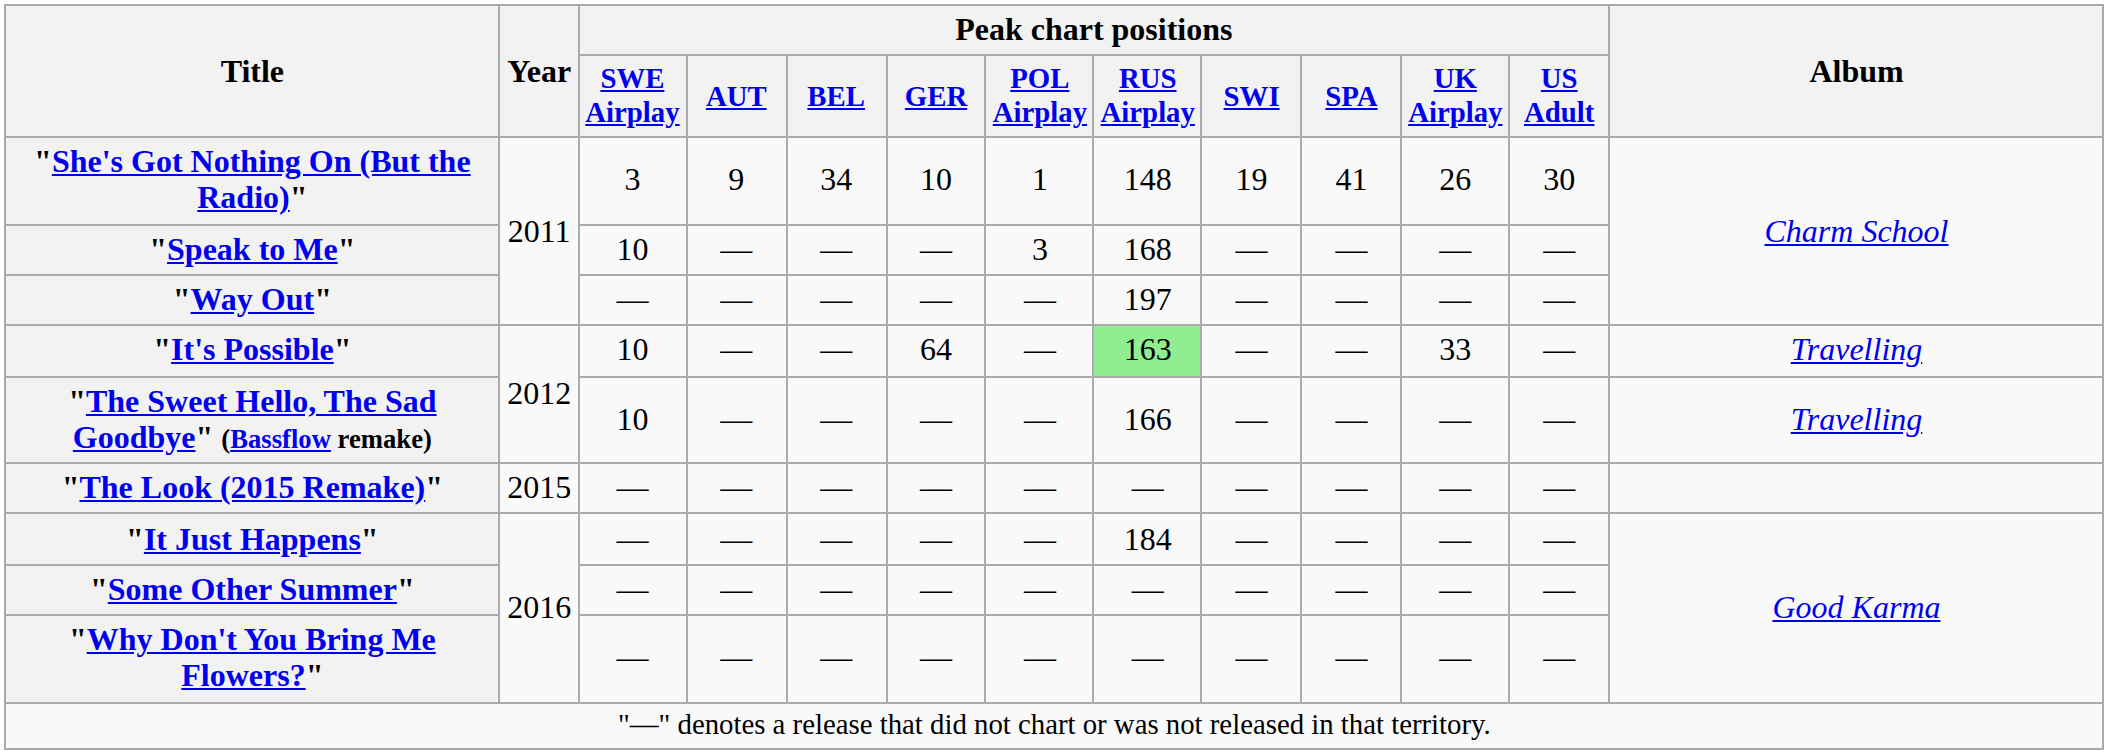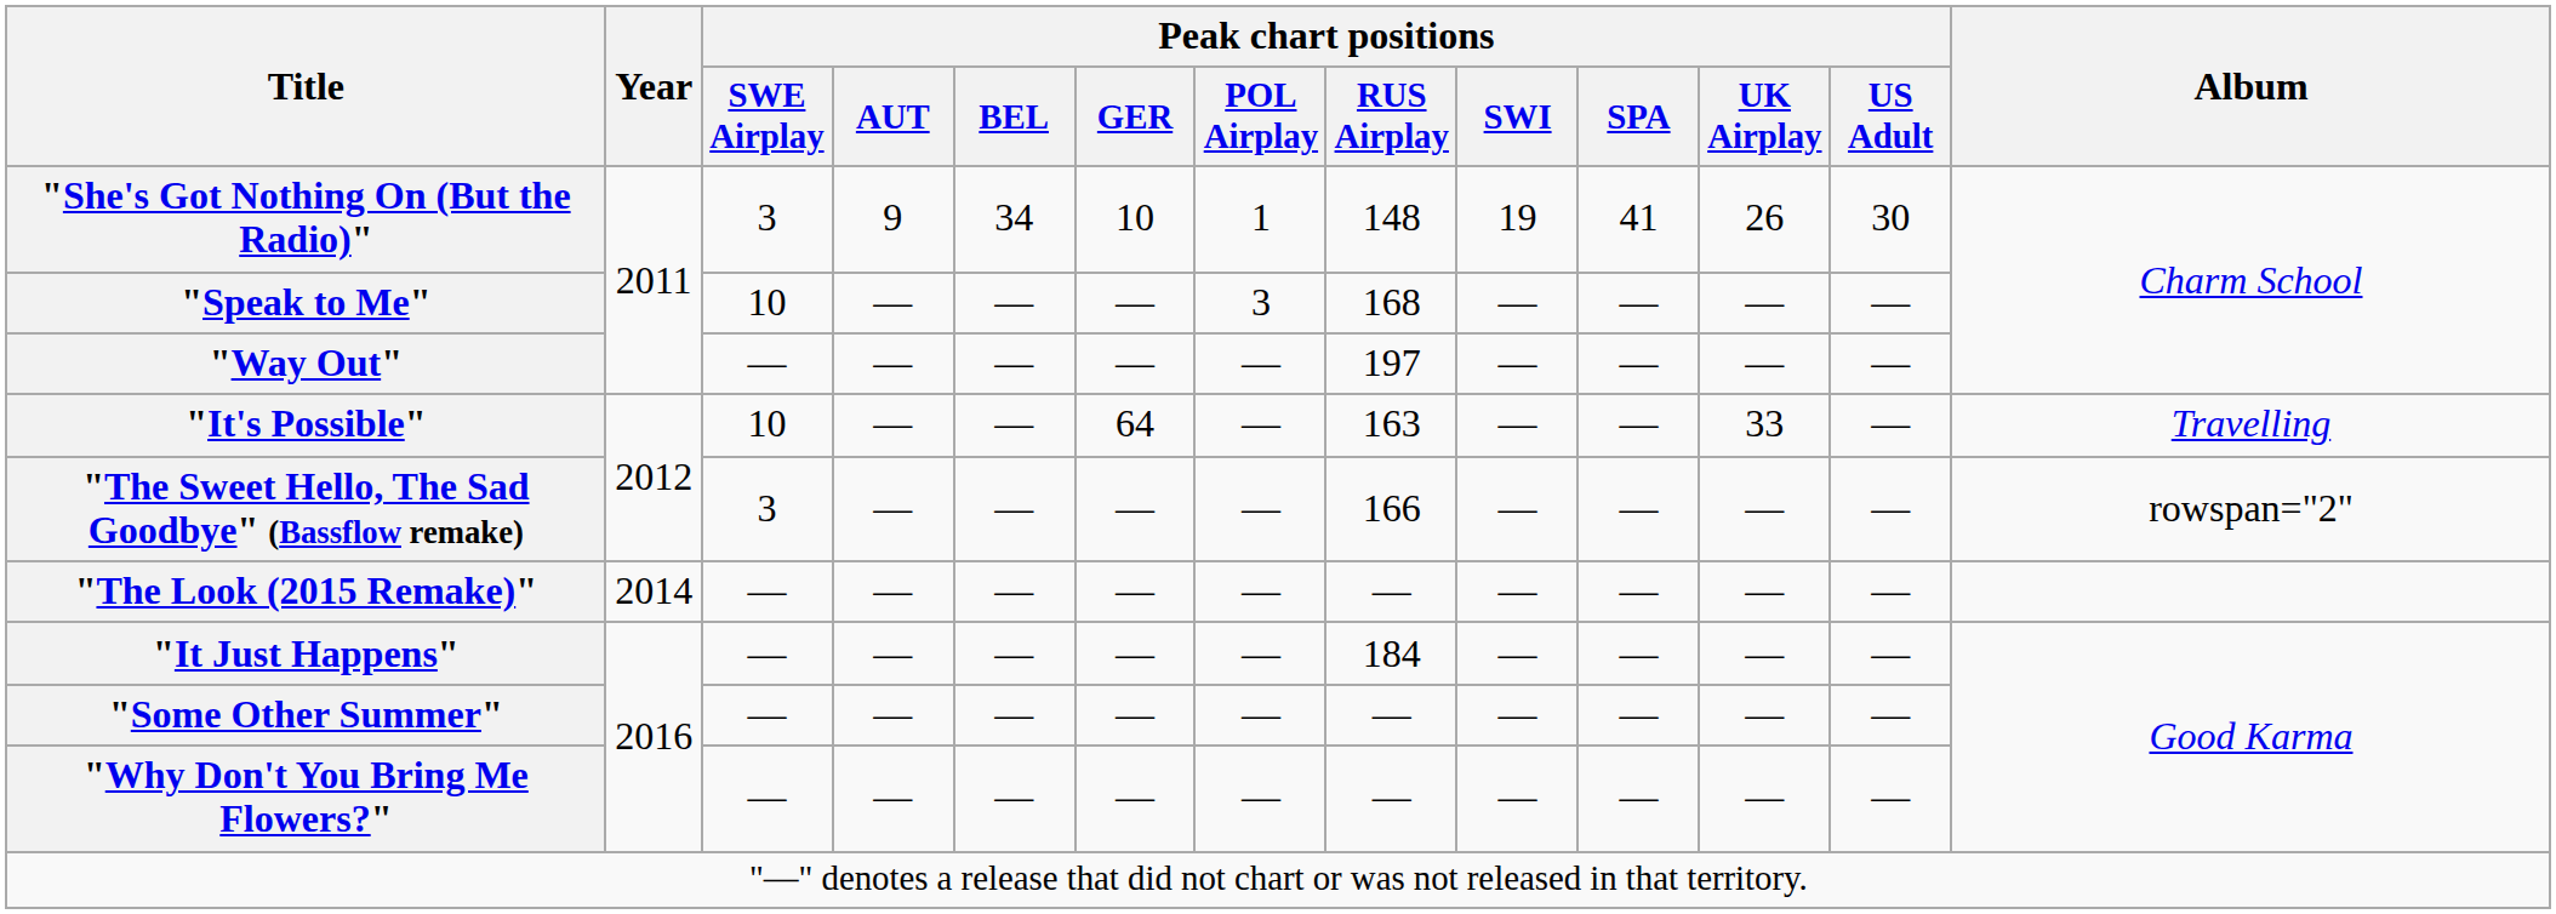 <table class="wikitable plainrowheaders" style="text-align:center;">
 <tr>
 <th scope="col" rowspan="2" style="width:15em;">Title</th>
 <th scope="col" rowspan="2" style="width:1em;">Year</th>
 <th scope="col" colspan="10">Peak chart positions</th>
 <th scope="col" rowspan="2" style="width:15em;">Album</th>
 </tr>
 <tr>
 <th scope="col" style="width:3em;font-size:90%;"><a href='#'>SWE Airplay</a><br></th>
 <th scope="col" style="width:3em;font-size:90%;"><a href='#'>AUT</a><br></th>
 <th scope="col" style="width:3em;font-size:90%;"><a href='#'>BEL</a><br></th>
 <th scope="col" style="width:3em;font-size:90%;"><a href='#'>GER</a><br></th>
 <th scope="col" style="width:3em;font-size:90%;"><a href='#'>POL Airplay</a><br></th>
 <th scope="col" style="width:3em;font-size:90%;"><a href='#'>RUS Airplay</a><br></th>
 <th scope="col" style="width:3em;font-size:90%;"><a href='#'>SWI</a><br></th>
 <th scope="col" style="width:3em;font-size:90%;"><a href='#'>SPA</a><br></th>
 <th scope="col" style="width:3em;font-size:90%;"><a href='#'>UK Airplay</a><br></th>
 <th scope="col" style="width:3em;font-size:90%;"><a href='#'>US Adult</a><br></th>
 </tr>
 <tr>
 <th scope="row">"<a href='#'>She's Got Nothing On (But the Radio)</a>"</th>
 <td rowspan="3">2011</td>
 <td>3</td>
 <td>9</td>
 <td>34</td>
 <td>10</td>
 <td>1</td>
 <td>148</td>
 <td>19</td>
 <td>41</td>
 <td>26</td>
 <td>30</td>
 <td rowspan="3"><em><a href='#'>Charm School</a></em></td>
 </tr>
 <tr>
 <th scope="row">"<a href='#'>Speak to Me</a>"</th>
 <td>10</td>
 <td>—</td>
 <td>—</td>
 <td>—</td>
 <td>3</td>
 <td>168</td>
 <td>—</td>
 <td>—</td>
 <td>—</td>
 <td>—</td>
 </tr>
 <tr>
 <th scope="row">"<a href='#'>Way Out</a>"</th>
 <td>—</td>
 <td>—</td>
 <td>—</td>
 <td>—</td>
 <td>—</td>
 <td>197</td>
 <td>—</td>
 <td>—</td>
 <td>—</td>
 <td>—</td>
 </tr>
 <tr>
 <th scope="row">"<a href='#'>It's Possible</a>"</th>
 <td rowspan="2">2012</td>
 <td>10</td>
 <td>—</td>
 <td>—</td>
 <td>64</td>
 <td>—</td>
-<td style="background: lightgreen;">163</td>
+<td>163</td>
 <td>—</td>
 <td>—</td>
 <td>33</td>
 <td>—</td>
 <td><em><a href='#'>Travelling</a></em></td>
 </tr>
 <tr>
 <th scope="row">"<a href='#'>The Sweet Hello, The Sad Goodbye</a>" <small>(<a href='#'>Bassflow</a> remake)</small></th>
-<td>10</td>
+<td>3</td>
 <td>—</td>
 <td>—</td>
 <td>—</td>
 <td>—</td>
 <td>166</td>
 <td>—</td>
 <td>—</td>
 <td>—</td>
 <td>—</td>
-<td><em><a href='#'>Travelling</a></em></td>
+<td>rowspan="2" </td>
 </tr>
 <tr>
 <th scope="row">"<a href='#'>The Look (2015 Remake)</a>"</th>
-<td>2015</td>
+<td>2014</td>
 <td>—</td>
 <td>—</td>
 <td>—</td>
 <td>—</td>
 <td>—</td>
 <td>—</td>
 <td>—</td>
 <td>—</td>
 <td>—</td>
 <td>—</td>
 </tr>
 <tr>
 <th scope="row">"<a href='#'>It Just Happens</a>"</th>
 <td rowspan="3">2016</td>
 <td>—</td>
 <td>—</td>
 <td>—</td>
 <td>—</td>
 <td>—</td>
 <td>184</td>
 <td>—</td>
 <td>—</td>
 <td>—</td>
 <td>—</td>
 <td rowspan="3"><em><a href='#'>Good Karma</a></em></td>
 </tr>
 <tr>
 <th scope="row">"<a href='#'>Some Other Summer</a>"</th>
 <td>—</td>
 <td>—</td>
 <td>—</td>
 <td>—</td>
 <td>—</td>
 <td>—</td>
 <td>—</td>
 <td>—</td>
 <td>—</td>
 <td>—</td>
 </tr>
 <tr>
 <th scope="row">"<a href='#'>Why Don't You Bring Me Flowers?</a>"</th>
 <td>—</td>
 <td>—</td>
 <td>—</td>
 <td>—</td>
 <td>—</td>
 <td>—</td>
 <td>—</td>
 <td>—</td>
 <td>—</td>
 <td>—</td>
 </tr>
 <tr>
 <td colspan="13" style="font-size:90%">"—" denotes a release that did not chart or was not released in that territory.</td>
 </tr>
 </table>
